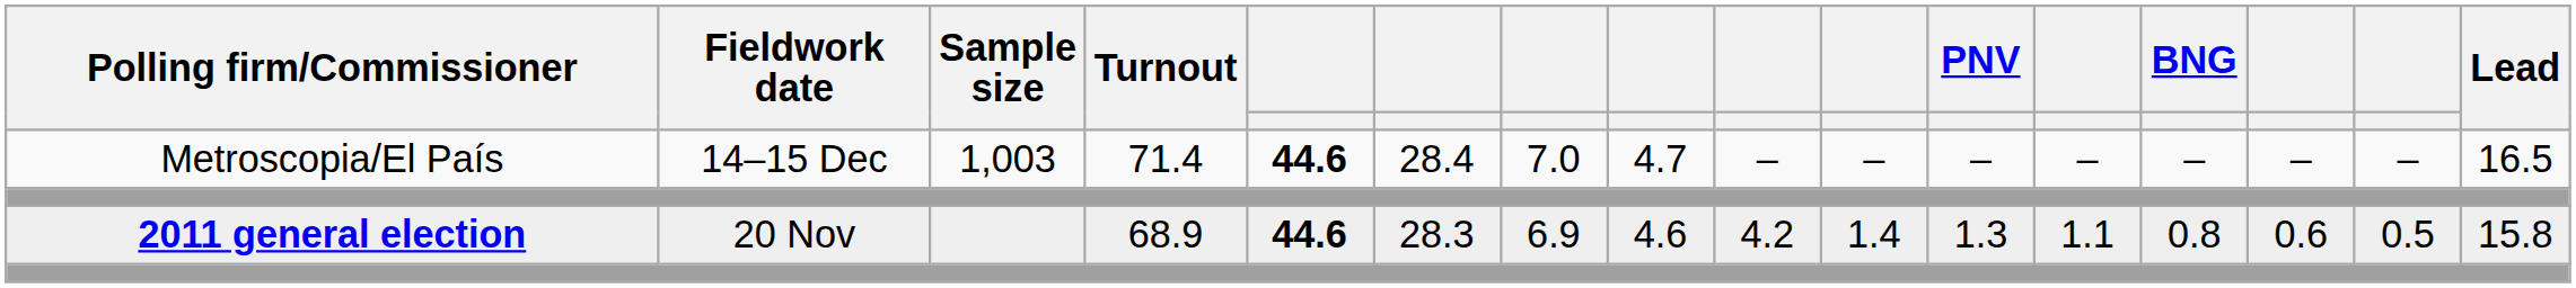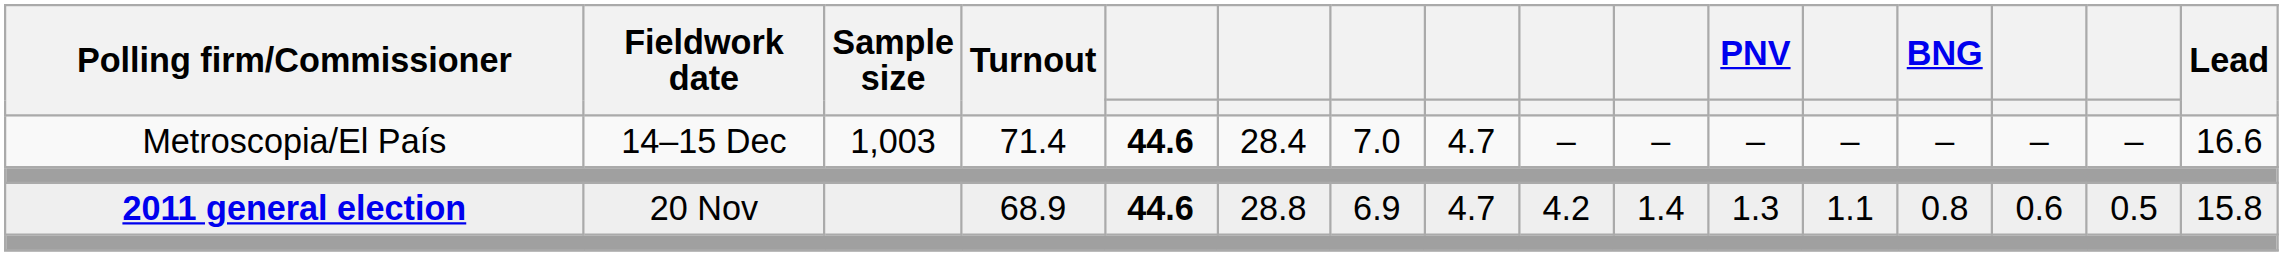 <table class="wikitable collapsible collapsed" style="text-align:center; font-size:95%; line-height:16px;">
 <tr style="height:42px;">
 <th style="width:250px;" rowspan="2">Polling firm/Commissioner</th>
 <th style="width:100px;" rowspan="2">Fieldwork date</th>
 <th style="width:50px;" rowspan="2">Sample size</th>
 <th style="width:45px;" rowspan="2">Turnout</th>
 <th style="width:43px;"></th>
 <th style="width:43px;"></th>
 <th style="width:35px;"></th>
 <th style="width:35px;"></th>
 <th style="width:35px;"></th>
 <th style="width:35px;"></th>
 <th style="width:35px;"><a href='#'>PNV</a></th>
 <th style="width:35px;"></th>
 <th style="width:35px;"><a href='#'>BNG</a></th>
 <th style="width:35px;"></th>
 <th style="width:35px;"></th>
 <th style="width:30px;" rowspan="2">Lead</th>
 </tr>
 <tr>
 <th style="color:inherit;background:"></th>
 <th style="color:inherit;background:"></th>
 <th style="color:inherit;background:"></th>
 <th style="color:inherit;background:"></th>
 <th style="color:inherit;background:"></th>
 <th style="color:inherit;background:"></th>
 <th style="color:inherit;background:"></th>
 <th style="color:inherit;background:"></th>
 <th style="color:inherit;background:"></th>
 <th style="color:inherit;background:"></th>
 <th style="color:inherit;background:"></th>
 </tr>
 <tr>
 <td>Metroscopia/El País</td>
 <td>14–15 Dec</td>
 <td>1,003</td>
 <td>71.4</td>
 <td><strong>44.6</strong></td>
 <td>28.4</td>
 <td>7.0</td>
 <td>4.7</td>
 <td>–</td>
 <td>–</td>
 <td>–</td>
 <td>–</td>
 <td>–</td>
 <td>–</td>
 <td>–</td>
-<td style="background:">16.5</td>
+<td style="background:">16.6</td>
 </tr>
 <tr>
 <td colspan="16" style="background:#A0A0A0"></td>
 </tr>
 <tr style="background:#EFEFEF;">
 <td><strong><a href='#'>2011 general election</a></strong></td>
 <td>20 Nov</td>
 <td></td>
 <td>68.9</td>
 <td><strong>44.6</strong><br></td>
-<td>28.3<br></td>
+<td>28.8<br></td>
 <td>6.9<br></td>
-<td>4.6<br></td>
+<td>4.7<br></td>
 <td>4.2<br></td>
 <td>1.4<br></td>
 <td>1.3<br></td>
 <td>1.1<br></td>
 <td>0.8<br></td>
 <td>0.6<br></td>
 <td>0.5<br></td>
 <td style="background:">15.8</td>
 </tr>
 <tr>
 <td colspan="16" style="background:#A0A0A0"></td>
 </tr>
 </table>
